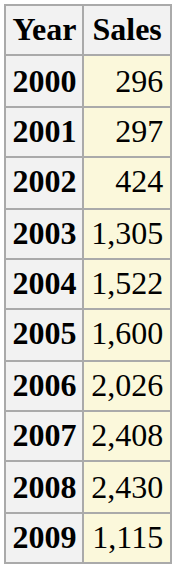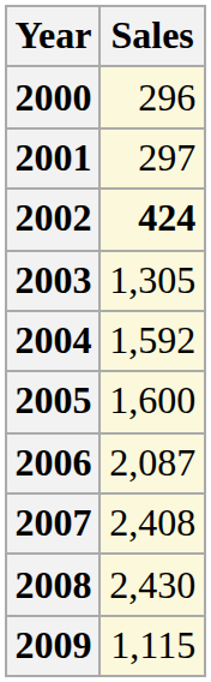 <table class="wikitable" style="text-align: right; display:inline-table">
 <tr>
 <th>Year</th>
 <th>Sales</th>
 </tr>
 <tr>
 <th>2000</th>
 <td style="background:#fbf8db;">296</td>
 </tr>
 <tr>
 <th>2001</th>
 <td style="background:#fbf8db;">297</td>
 </tr>
 <tr>
 <th>2002</th>
-<td style="background:#fbf8db;">424</td>
+<td style="background:#fbf8db;"><strong>424</strong></td>
 </tr>
 <tr>
 <th>2003</th>
 <td style="background:#fbf8db;">1,305</td>
 </tr>
 <tr>
 <th>2004</th>
-<td style="background:#fbf8db;">1,522</td>
+<td style="background:#fbf8db;">1,592</td>
 </tr>
 <tr>
 <th>2005</th>
 <td style="background:#fbf8db;">1,600</td>
 </tr>
 <tr>
 <th>2006</th>
-<td style="background:#fbf8db;">2,026</td>
+<td style="background:#fbf8db;">2,087</td>
 </tr>
 <tr>
 <th>2007</th>
 <td style="background:#fbf8db;">2,408</td>
 </tr>
 <tr>
 <th>2008</th>
 <td style="background:#fbf8db;">2,430</td>
 </tr>
 <tr>
 <th>2009</th>
 <td style="background:#fbf8db;">1,115</td>
 </tr>
 </table>
